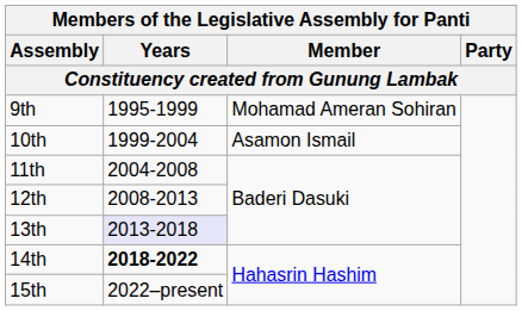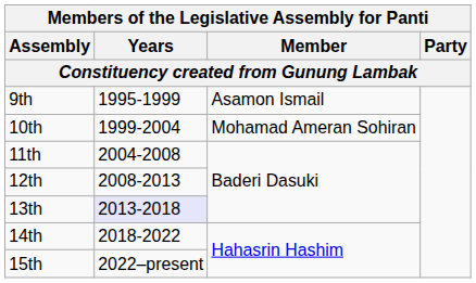 <table class=wikitable>
 <tr>
 <th colspan=4>Members of the Legislative Assembly for Panti</th>
 </tr>
 <tr>
 <th>Assembly</th>
 <th>Years</th>
 <th>Member</th>
 <th>Party</th>
 </tr>
 <tr>
 <th colspan=4 align=center><em>Constituency created from Gunung Lambak</em></th>
 </tr>
 <tr>
 <td>9th</td>
 <td>1995-1999</td>
-<td>Mohamad Ameran Sohiran</td>
+<td>Asamon Ismail</td>
 <td rowspan="7"></td>
 </tr>
 <tr>
 <td>10th</td>
 <td>1999-2004</td>
-<td>Asamon Ismail</td>
+<td>Mohamad Ameran Sohiran</td>
 </tr>
 <tr>
 <td>11th</td>
 <td>2004-2008</td>
 <td rowspan="3">Baderi Dasuki</td>
 </tr>
 <tr>
 <td>12th</td>
 <td>2008-2013</td>
 </tr>
 <tr>
 <td>13th</td>
 <td style="background: lavender;">2013-2018</td>
 </tr>
 <tr>
 <td>14th</td>
-<td><strong>2018-2022</strong></td>
+<td>2018-2022</td>
 <td rowspan="2"><a href='#'>Hahasrin Hashim</a></td>
 </tr>
 <tr>
 <td>15th</td>
 <td>2022–present</td>
 </tr>
 </table>
